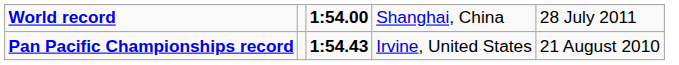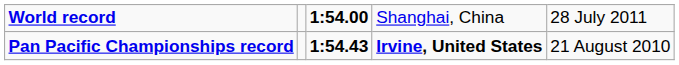 <table class="wikitable">
 <tr>
 <td><strong><a href='#'>World record</a></strong></td>
 <td></td>
 <td><strong>1:54.00</strong></td>
 <td><a href='#'>Shanghai</a>, China</td>
 <td>28 July 2011</td>
 </tr>
 <tr>
 <td><strong><a href='#'>Pan Pacific Championships record</a></strong></td>
 <td></td>
 <td><strong>1:54.43</strong></td>
-<td><a href='#'>Irvine</a>, United States</td>
+<td><strong><a href='#'>Irvine</a>, United States</strong></td>
 <td>21 August 2010</td>
 </tr>
 </table>
